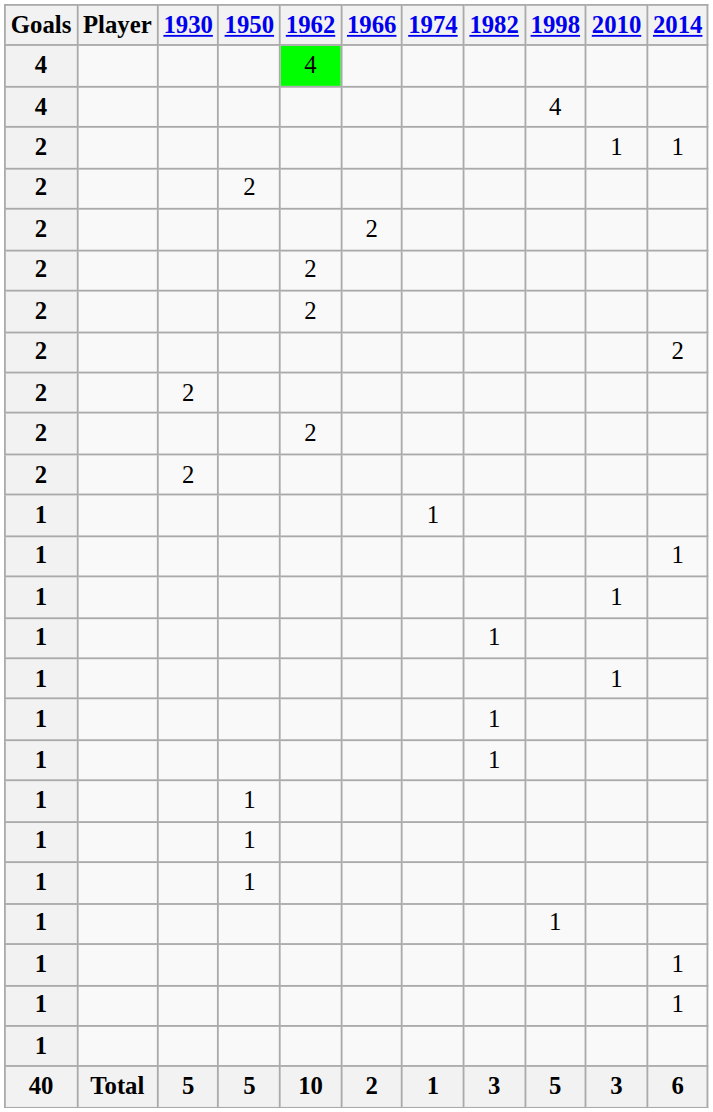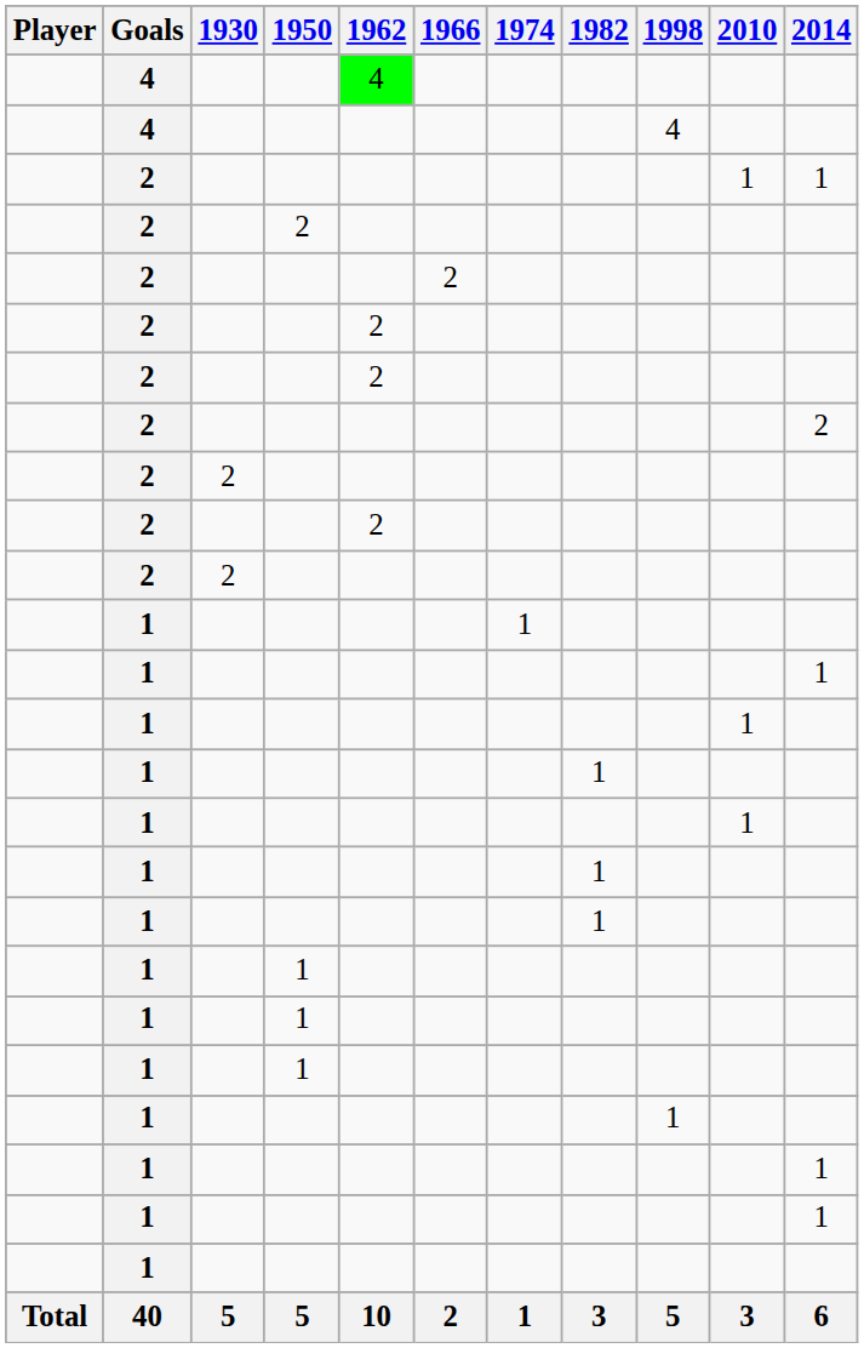 <table class="wikitable sortable" style="text-align:center; font-size:85%">
 <tr>
+<th>Player</th>
 <th>Goals</th>
-<th>Player</th>
 <th><a href='#'>1930</a></th>
 <th><a href='#'>1950</a></th>
 <th><a href='#'>1962</a></th>
 <th><a href='#'>1966</a></th>
 <th><a href='#'>1974</a></th>
 <th><a href='#'>1982</a></th>
 <th><a href='#'>1998</a></th>
 <th><a href='#'>2010</a></th>
 <th><a href='#'>2014</a></th>
 </tr>
 <tr>
+<td align="left"></td>
 <th>4</th>
-<td align="left"></td>
 <td></td>
 <td></td>
 <td style="background:#00FF00">4</td>
 <td></td>
 <td></td>
 <td></td>
 <td></td>
 <td></td>
 <td></td>
 </tr>
 <tr>
+<td align="left"></td>
 <th>4</th>
-<td align="left"></td>
 <td></td>
 <td></td>
 <td></td>
 <td></td>
 <td></td>
 <td></td>
 <td>4</td>
 <td></td>
 <td></td>
 </tr>
 <tr>
+<td align="left"></td>
 <th>2</th>
-<td align="left"></td>
 <td></td>
 <td></td>
 <td></td>
 <td></td>
 <td></td>
 <td></td>
 <td></td>
 <td>1</td>
 <td>1</td>
 </tr>
 <tr>
+<td align="left"></td>
 <th>2</th>
-<td align="left"></td>
 <td></td>
 <td>2</td>
 <td></td>
 <td></td>
 <td></td>
 <td></td>
 <td></td>
 <td></td>
 <td></td>
 </tr>
 <tr>
+<td align="left"></td>
 <th>2</th>
-<td align="left"></td>
 <td></td>
 <td></td>
 <td></td>
 <td>2</td>
 <td></td>
 <td></td>
 <td></td>
 <td></td>
 <td></td>
 </tr>
 <tr>
+<td align="left"></td>
 <th>2</th>
-<td align="left"></td>
 <td></td>
 <td></td>
 <td>2</td>
 <td></td>
 <td></td>
 <td></td>
 <td></td>
 <td></td>
 <td></td>
 </tr>
 <tr>
+<td align="left"></td>
 <th>2</th>
-<td align="left"></td>
 <td></td>
 <td></td>
 <td>2</td>
 <td></td>
 <td></td>
 <td></td>
 <td></td>
 <td></td>
 <td></td>
 </tr>
 <tr>
+<td align="left"></td>
 <th>2</th>
-<td align="left"></td>
 <td></td>
 <td></td>
 <td></td>
 <td></td>
 <td></td>
 <td></td>
 <td></td>
 <td></td>
 <td>2</td>
 </tr>
 <tr>
+<td align="left"></td>
 <th>2</th>
-<td align="left"></td>
 <td>2</td>
 <td></td>
 <td></td>
 <td></td>
 <td></td>
 <td></td>
 <td></td>
 <td></td>
 <td></td>
 </tr>
 <tr>
+<td align="left"></td>
 <th>2</th>
-<td align="left"></td>
 <td></td>
 <td></td>
 <td>2</td>
 <td></td>
 <td></td>
 <td></td>
 <td></td>
 <td></td>
 <td></td>
 </tr>
 <tr>
+<td align="left"></td>
 <th>2</th>
-<td align="left"></td>
 <td>2</td>
 <td></td>
 <td></td>
 <td></td>
 <td></td>
 <td></td>
 <td></td>
 <td></td>
 <td></td>
 </tr>
 <tr>
+<td align="left"></td>
 <th>1</th>
-<td align="left"></td>
 <td></td>
 <td></td>
 <td></td>
 <td></td>
 <td>1</td>
 <td></td>
 <td></td>
 <td></td>
 <td></td>
 </tr>
 <tr>
+<td align="left"></td>
 <th>1</th>
-<td align="left"></td>
 <td></td>
 <td></td>
 <td></td>
 <td></td>
 <td></td>
 <td></td>
 <td></td>
 <td></td>
 <td>1</td>
 </tr>
 <tr>
+<td align="left"></td>
 <th>1</th>
-<td align="left"></td>
 <td></td>
 <td></td>
 <td></td>
 <td></td>
 <td></td>
 <td></td>
 <td></td>
 <td>1</td>
 <td></td>
 </tr>
 <tr>
+<td align="left"></td>
 <th>1</th>
-<td align="left"></td>
 <td></td>
 <td></td>
 <td></td>
 <td></td>
 <td></td>
 <td>1</td>
 <td></td>
 <td></td>
 <td></td>
 </tr>
 <tr>
+<td align="left"></td>
 <th>1</th>
-<td align="left"></td>
 <td></td>
 <td></td>
 <td></td>
 <td></td>
 <td></td>
 <td></td>
 <td></td>
 <td>1</td>
 <td></td>
 </tr>
 <tr>
+<td align="left"></td>
 <th>1</th>
-<td align="left"></td>
 <td></td>
 <td></td>
 <td></td>
 <td></td>
 <td></td>
 <td>1</td>
 <td></td>
 <td></td>
 <td></td>
 </tr>
 <tr>
+<td align="left"></td>
 <th>1</th>
-<td align="left"></td>
 <td></td>
 <td></td>
 <td></td>
 <td></td>
 <td></td>
 <td>1</td>
 <td></td>
 <td></td>
 <td></td>
 </tr>
 <tr>
+<td align="left"></td>
 <th>1</th>
-<td align="left"></td>
 <td></td>
 <td>1</td>
 <td></td>
 <td></td>
 <td></td>
 <td></td>
 <td></td>
 <td></td>
 <td></td>
 </tr>
 <tr>
+<td align="left"></td>
 <th>1</th>
-<td align="left"></td>
 <td></td>
 <td>1</td>
 <td></td>
 <td></td>
 <td></td>
 <td></td>
 <td></td>
 <td></td>
 <td></td>
 </tr>
 <tr>
+<td align="left"></td>
 <th>1</th>
-<td align="left"></td>
 <td></td>
 <td>1</td>
 <td></td>
 <td></td>
 <td></td>
 <td></td>
 <td></td>
 <td></td>
 <td></td>
 </tr>
 <tr>
+<td align="left"></td>
 <th>1</th>
-<td align="left"></td>
 <td></td>
 <td></td>
 <td></td>
 <td></td>
 <td></td>
 <td></td>
 <td>1</td>
 <td></td>
 <td></td>
 </tr>
 <tr>
+<td align="left"></td>
 <th>1</th>
-<td align="left"></td>
 <td></td>
 <td></td>
 <td></td>
 <td></td>
 <td></td>
 <td></td>
 <td></td>
 <td></td>
 <td>1</td>
 </tr>
 <tr>
+<td align="left"></td>
 <th>1</th>
-<td align="left"></td>
 <td></td>
 <td></td>
 <td></td>
 <td></td>
 <td></td>
 <td></td>
 <td></td>
 <td></td>
 <td>1</td>
 </tr>
 <tr>
+<td align="left"></td>
 <th>1</th>
-<td align="left"></td>
 <td></td>
 <td></td>
 <td></td>
 <td></td>
 <td></td>
 <td></td>
 <td></td>
 <td></td>
 <td></td>
 </tr>
 <tr class="sortbottom">
+<th>Total</th>
 <th>40</th>
-<th>Total</th>
 <th>5</th>
 <th>5</th>
 <th>10</th>
 <th>2</th>
 <th>1</th>
 <th>3</th>
 <th>5</th>
 <th>3</th>
 <th>6</th>
 </tr>
 </table>
